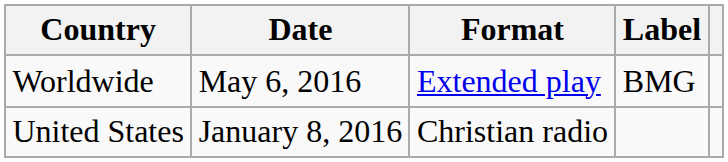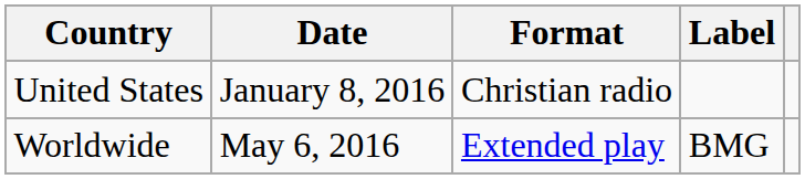 <table class="wikitable">
 <tr>
 <th>Country</th>
 <th>Date</th>
 <th>Format</th>
 <th>Label</th>
 <th></th>
 </tr>
 <tr>
+<td>United States</td>
+<td>January 8, 2016</td>
+<td>Christian radio</td>
+<td></td>
+<td></td>
+</tr>
+<tr>
 <td>Worldwide</td>
 <td>May 6, 2016</td>
 <td><a href='#'>Extended play</a></td>
 <td>BMG</td>
 <td></td>
 </tr>
 <tr>
-<td>United States</td>
-<td>January 8, 2016</td>
-<td>Christian radio</td>
-<td></td>
-<td></td>
-</tr>
-<tr>
 </tr>
 </table>
